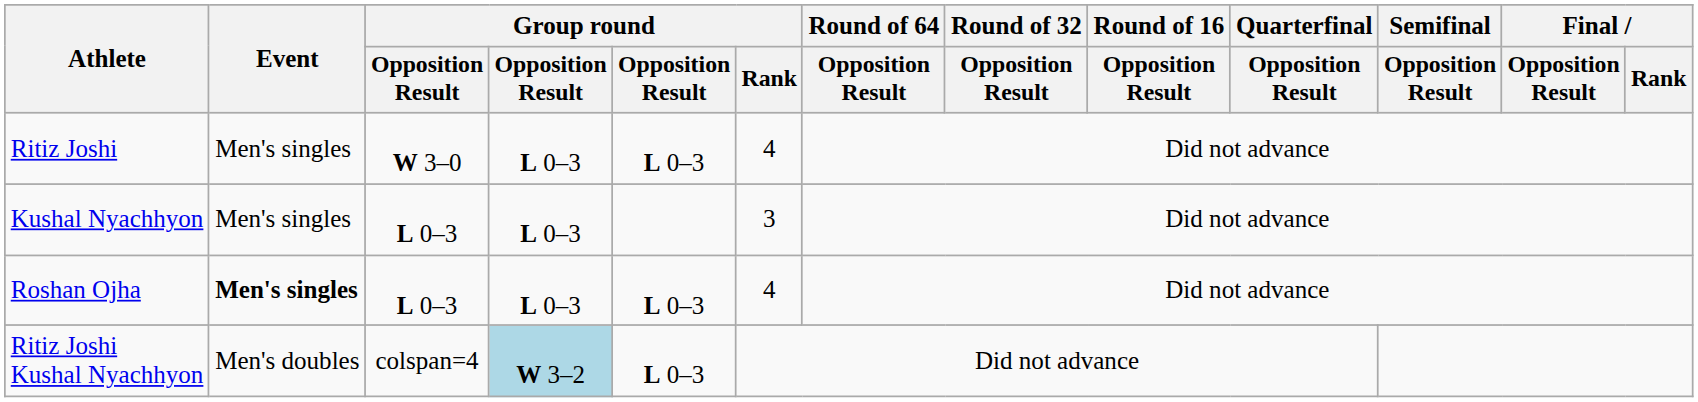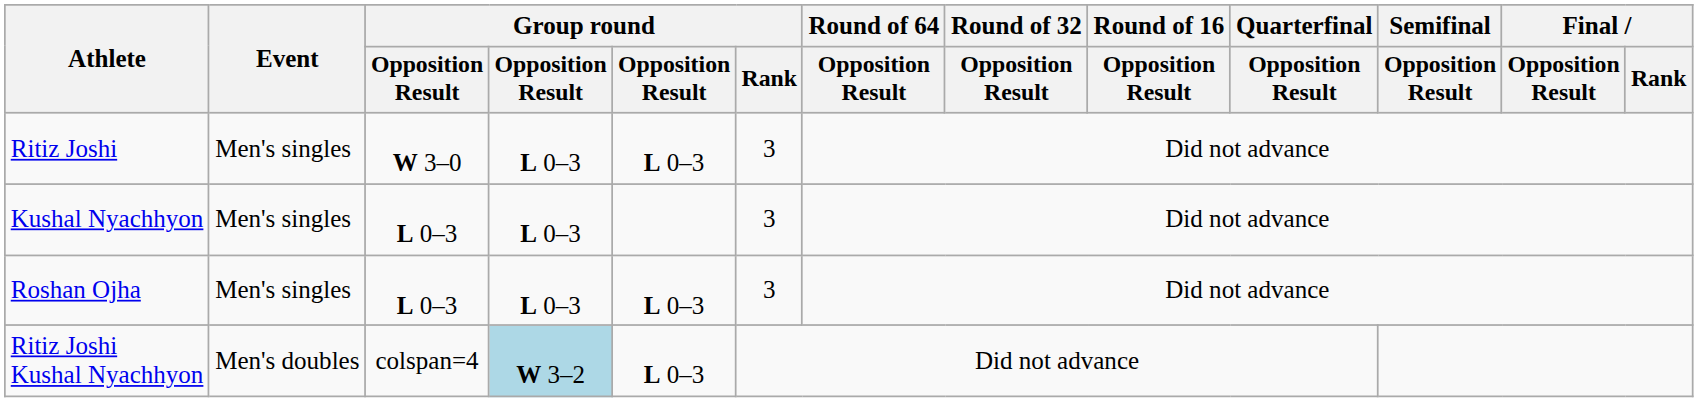 <table class="wikitable" style="font-size:90%;">
 <tr>
 <th rowspan=2>Athlete</th>
 <th rowspan=2>Event</th>
 <th colspan=4>Group round</th>
 <th>Round of 64</th>
 <th>Round of 32</th>
 <th>Round of 16</th>
 <th>Quarterfinal</th>
 <th>Semifinal</th>
 <th colspan=2>Final / </th>
 </tr>
 <tr style="font-size:95%">
 <th>Opposition<br>Result</th>
 <th>Opposition<br>Result</th>
 <th>Opposition<br>Result</th>
 <th>Rank</th>
 <th>Opposition<br>Result</th>
 <th>Opposition<br>Result</th>
 <th>Opposition<br>Result</th>
 <th>Opposition<br>Result</th>
 <th>Opposition<br>Result</th>
 <th>Opposition<br>Result</th>
 <th>Rank</th>
 </tr>
 <tr align=center>
 <td align=left><a href='#'>Ritiz Joshi</a></td>
 <td align=left>Men's singles</td>
 <td><br> <strong>W</strong> 3–0</td>
 <td><br> <strong>L</strong> 0–3</td>
 <td><br> <strong>L</strong> 0–3</td>
-<td>4</td>
+<td>3</td>
 <td colspan=7>Did not advance</td>
 </tr>
 <tr align=center>
 <td align=left><a href='#'>Kushal Nyachhyon</a></td>
 <td align=left>Men's singles</td>
 <td><br> <strong>L</strong> 0–3</td>
 <td><br> <strong>L</strong> 0–3</td>
 <td></td>
 <td>3</td>
 <td colspan=7>Did not advance</td>
 </tr>
 <tr align=center>
 <td align=left><a href='#'>Roshan Ojha</a></td>
-<td align=left><strong>Men's singles</strong></td>
+<td align=left>Men's singles</td>
 <td><br> <strong>L</strong> 0–3</td>
 <td><br> <strong>L</strong> 0–3</td>
 <td><br> <strong>L</strong> 0–3</td>
-<td>4</td>
+<td>3</td>
 <td colspan=7>Did not advance</td>
 </tr>
 <tr align=center>
 <td align=left><a href='#'>Ritiz Joshi</a><br><a href='#'>Kushal Nyachhyon</a></td>
 <td align=left>Men's doubles</td>
 <td>colspan=4  </td>
 <td style="background: lightblue;"><br> <strong>W</strong> 3–2</td>
 <td><br> <strong>L</strong> 0–3</td>
 <td colspan=5>Did not advance</td>
 </tr>
 </table>
